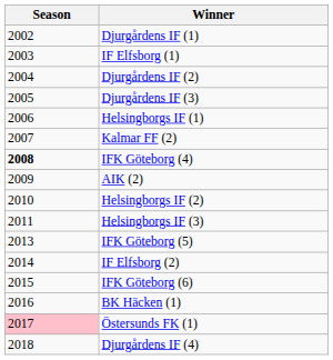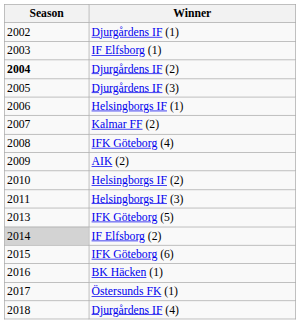 <table class="wikitable" style="width:400px;">
 <tr>
 <th>Season</th>
 <th>Winner</th>
 </tr>
 <tr>
 <td>2002</td>
 <td><a href='#'>Djurgårdens IF</a> (1)</td>
 </tr>
 <tr>
 <td>2003</td>
 <td><a href='#'>IF Elfsborg</a> (1)</td>
 </tr>
 <tr>
-<td>2004</td>
+<td><strong>2004</strong></td>
 <td><a href='#'>Djurgårdens IF</a> (2)</td>
 </tr>
 <tr>
 <td>2005</td>
 <td><a href='#'>Djurgårdens IF</a> (3)</td>
 </tr>
 <tr>
 <td>2006</td>
 <td><a href='#'>Helsingborgs IF</a> (1)</td>
 </tr>
 <tr>
 <td>2007</td>
 <td><a href='#'>Kalmar FF</a> (2)</td>
 </tr>
 <tr>
-<td><strong>2008</strong></td>
+<td>2008</td>
 <td><a href='#'>IFK Göteborg</a> (4)</td>
 </tr>
 <tr>
 <td>2009</td>
 <td><a href='#'>AIK</a> (2)</td>
 </tr>
 <tr>
 <td>2010</td>
 <td><a href='#'>Helsingborgs IF</a> (2)</td>
 </tr>
 <tr>
 <td>2011</td>
 <td><a href='#'>Helsingborgs IF</a> (3)</td>
 </tr>
 <tr>
 <td>2013</td>
 <td><a href='#'>IFK Göteborg</a> (5)</td>
 </tr>
 <tr>
-<td>2014</td>
+<td style="background: lightgrey;">2014</td>
 <td><a href='#'>IF Elfsborg</a> (2)</td>
 </tr>
 <tr>
 <td>2015</td>
 <td><a href='#'>IFK Göteborg</a> (6)</td>
 </tr>
 <tr>
 <td>2016</td>
 <td><a href='#'>BK Häcken</a> (1)</td>
 </tr>
 <tr>
-<td style="background: pink;">2017</td>
+<td>2017</td>
 <td><a href='#'>Östersunds FK</a> (1)</td>
 </tr>
 <tr>
 <td>2018</td>
 <td><a href='#'>Djurgårdens IF</a> (4)</td>
 </tr>
 </table>
